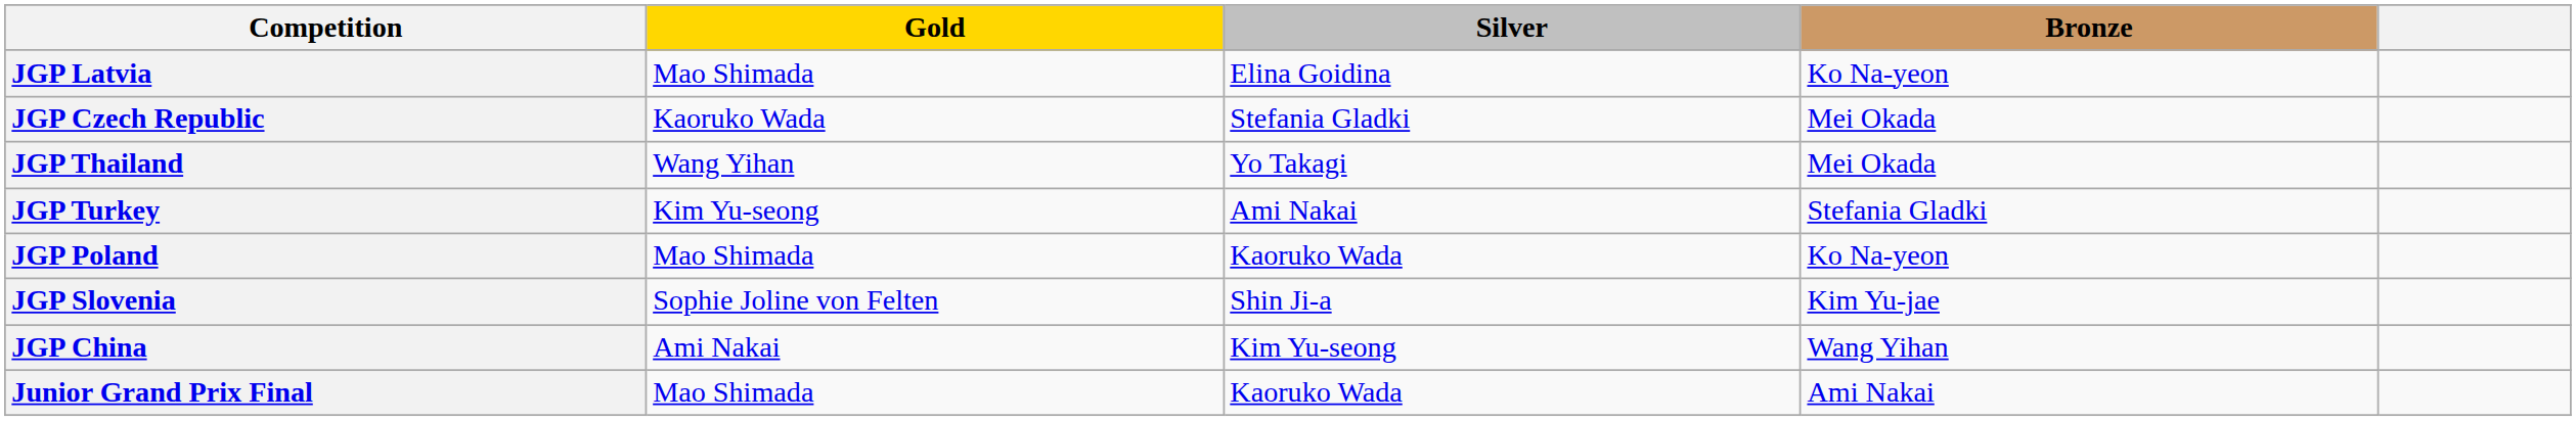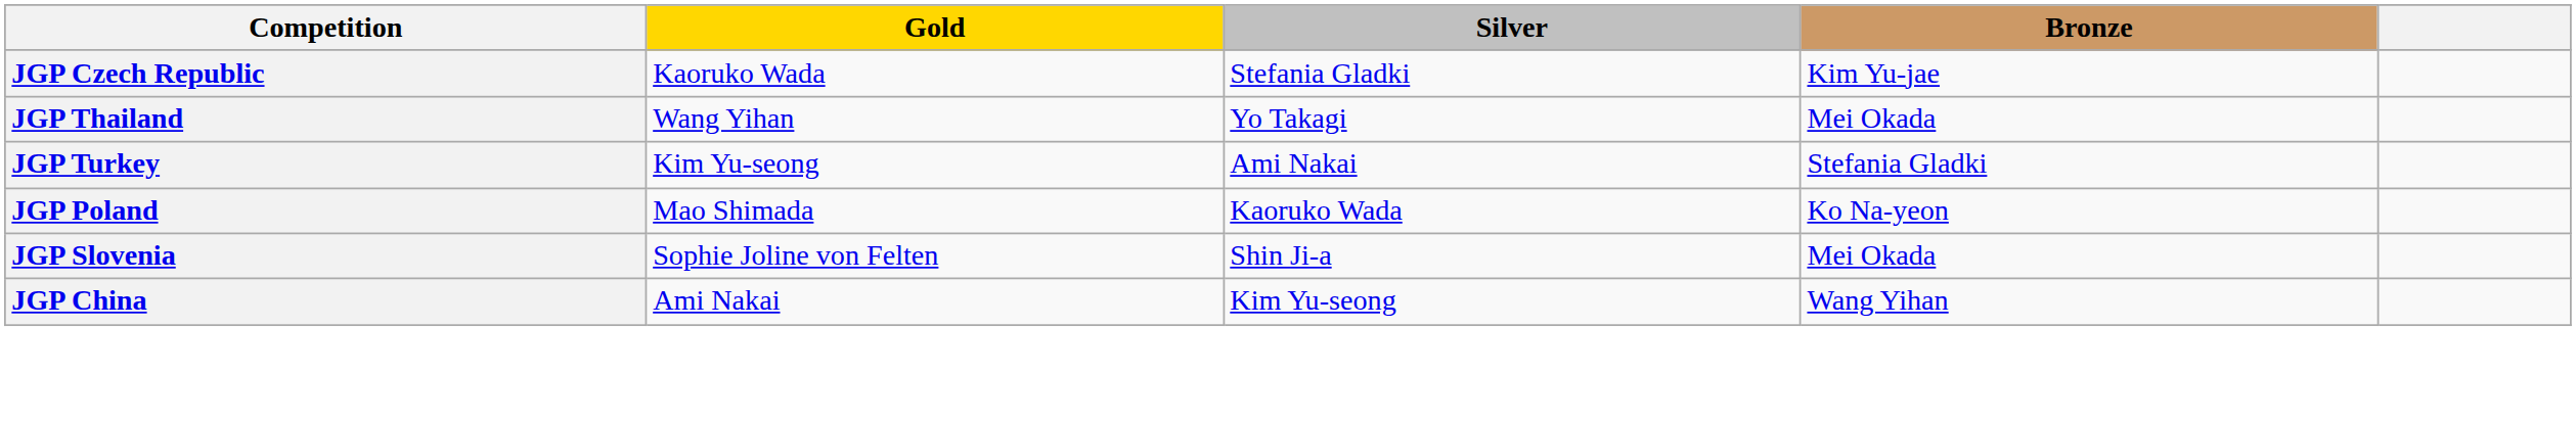 <table class="wikitable unsortable" style="text-align:left; width:90%">
 <tr>
 <th scope="col" style="text-align:center; width:25%;">Competition</th>
 <td scope="col" style="text-align:center; width:22.5%; background:gold"><strong>Gold</strong></td>
 <td scope="col" style="text-align:center; width:22.5%; background:silver"><strong>Silver</strong></td>
 <td scope="col" style="text-align:center; width:22.5%; background:#c96"><strong>Bronze</strong></td>
 <th scope="col" style="text-align:center; width:7.5%;"></th>
 </tr>
 <tr>
-<th scope="row" style="text-align:left"> <a href='#'>JGP Latvia</a></th>
-<td> <a href='#'>Mao Shimada</a></td>
-<td> <a href='#'>Elina Goidina</a></td>
-<td> <a href='#'>Ko Na-yeon</a></td>
-<td></td>
-</tr>
-<tr>
 <th scope="row" style="text-align:left"> <a href='#'>JGP Czech Republic</a></th>
 <td> <a href='#'>Kaoruko Wada</a></td>
 <td> <a href='#'>Stefania Gladki</a></td>
-<td> <a href='#'>Mei Okada</a></td>
+<td> <a href='#'>Kim Yu-jae</a></td>
 <td></td>
 </tr>
 <tr>
 <th scope="row" style="text-align:left"> <a href='#'>JGP Thailand</a></th>
 <td> <a href='#'>Wang Yihan</a></td>
 <td> <a href='#'>Yo Takagi</a></td>
 <td> <a href='#'>Mei Okada</a></td>
 <td></td>
 </tr>
 <tr>
 <th scope="row" style="text-align:left"> <a href='#'>JGP Turkey</a></th>
 <td> <a href='#'>Kim Yu-seong</a></td>
 <td> <a href='#'>Ami Nakai</a></td>
 <td> <a href='#'>Stefania Gladki</a></td>
 <td></td>
 </tr>
 <tr>
 <th scope="row" style="text-align:left"> <a href='#'>JGP Poland</a></th>
 <td> <a href='#'>Mao Shimada</a></td>
 <td> <a href='#'>Kaoruko Wada</a></td>
 <td> <a href='#'>Ko Na-yeon</a></td>
 <td></td>
 </tr>
 <tr>
 <th scope="row" style="text-align:left"> <a href='#'>JGP Slovenia</a></th>
 <td> <a href='#'>Sophie Joline von Felten</a></td>
 <td> <a href='#'>Shin Ji-a</a></td>
-<td> <a href='#'>Kim Yu-jae</a></td>
+<td> <a href='#'>Mei Okada</a></td>
 <td></td>
 </tr>
 <tr>
 <th scope="row" style="text-align:left"> <a href='#'>JGP China</a></th>
 <td> <a href='#'>Ami Nakai</a></td>
 <td> <a href='#'>Kim Yu-seong</a></td>
 <td> <a href='#'>Wang Yihan</a></td>
 <td></td>
 </tr>
-<tr>
-<th scope="row" style="text-align:left"> <a href='#'>Junior Grand Prix Final</a></th>
-<td> <a href='#'>Mao Shimada</a></td>
-<td> <a href='#'>Kaoruko Wada</a></td>
-<td> <a href='#'>Ami Nakai</a></td>
-<td></td>
-</tr>
 </table>
